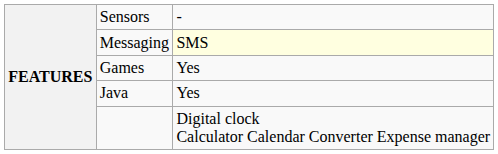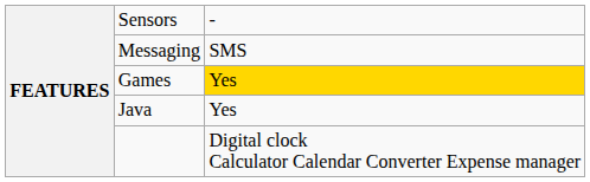 <table class="wikitable">
 <tr>
 <th rowspan="9">FEATURES</th>
 <td>Sensors</td>
 <td>-</td>
 </tr>
 <tr>
 <td>Messaging</td>
-<td style="background: lightyellow;">SMS</td>
+<td>SMS</td>
 </tr>
 <tr>
 <td>Games</td>
-<td>Yes</td>
+<td style="background: gold;">Yes</td>
 </tr>
 <tr>
 <td>Java</td>
 <td>Yes</td>
 </tr>
 <tr>
 <td></td>
 <td>Digital clock<br>Calculator Calendar Converter Expense manager</td>
 </tr>
 </table>
